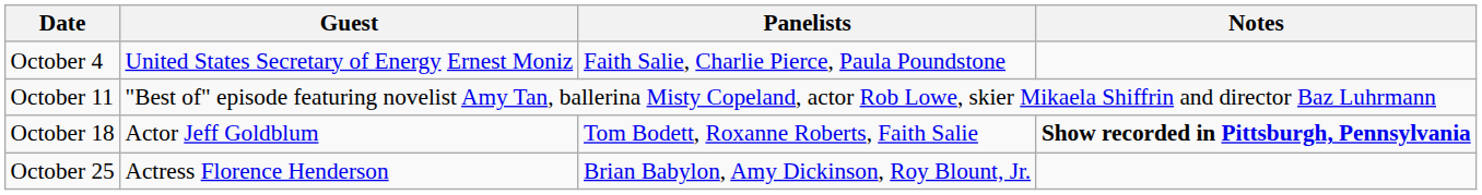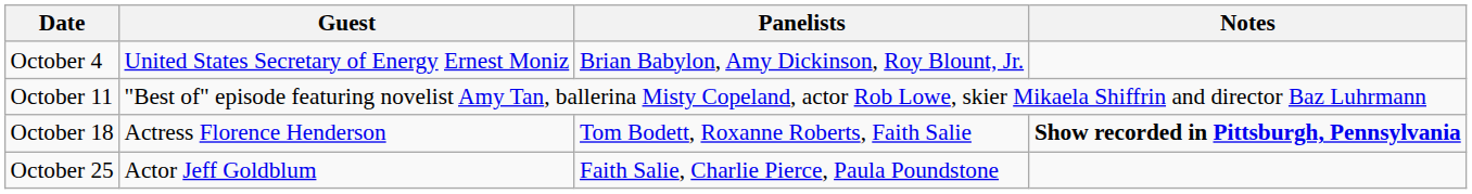 <table class="wikitable">
 <tr>
 <th>Date</th>
 <th>Guest</th>
 <th>Panelists</th>
 <th>Notes</th>
 </tr>
 <tr>
 <td>October 4</td>
 <td><a href='#'>United States Secretary of Energy</a> <a href='#'>Ernest Moniz</a></td>
-<td><a href='#'>Faith Salie</a>, <a href='#'>Charlie Pierce</a>, <a href='#'>Paula Poundstone</a></td>
+<td><a href='#'>Brian Babylon</a>, <a href='#'>Amy Dickinson</a>, <a href='#'>Roy Blount, Jr.</a></td>
 <td></td>
 </tr>
 <tr>
 <td>October 11</td>
 <td colspan="3">"Best of" episode featuring novelist <a href='#'>Amy Tan</a>, ballerina <a href='#'>Misty Copeland</a>, actor <a href='#'>Rob Lowe</a>, skier <a href='#'>Mikaela Shiffrin</a> and director <a href='#'>Baz Luhrmann</a></td>
 </tr>
 <tr>
 <td>October 18</td>
-<td>Actor <a href='#'>Jeff Goldblum</a></td>
+<td>Actress <a href='#'>Florence Henderson</a></td>
 <td><a href='#'>Tom Bodett</a>, <a href='#'>Roxanne Roberts</a>, <a href='#'>Faith Salie</a></td>
 <td><strong>Show recorded in <a href='#'>Pittsburgh, Pennsylvania</a></strong></td>
 </tr>
 <tr>
 <td>October 25</td>
-<td>Actress <a href='#'>Florence Henderson</a></td>
-<td><a href='#'>Brian Babylon</a>, <a href='#'>Amy Dickinson</a>, <a href='#'>Roy Blount, Jr.</a></td>
+<td>Actor <a href='#'>Jeff Goldblum</a></td>
+<td><a href='#'>Faith Salie</a>, <a href='#'>Charlie Pierce</a>, <a href='#'>Paula Poundstone</a></td>
 <td></td>
 </tr>
 </table>
